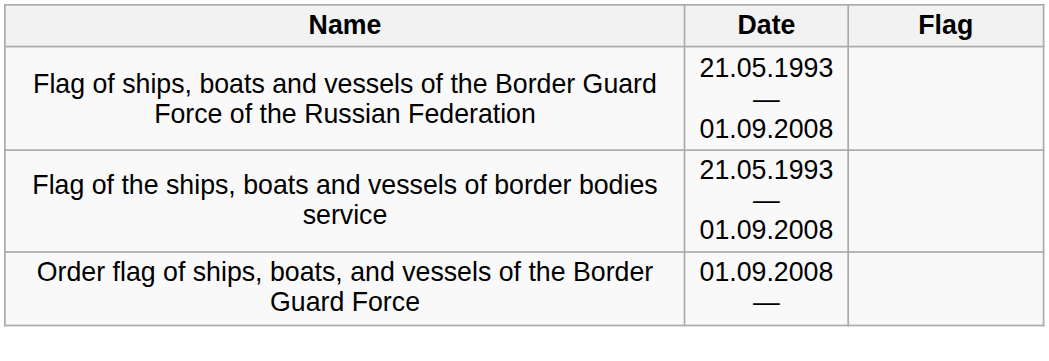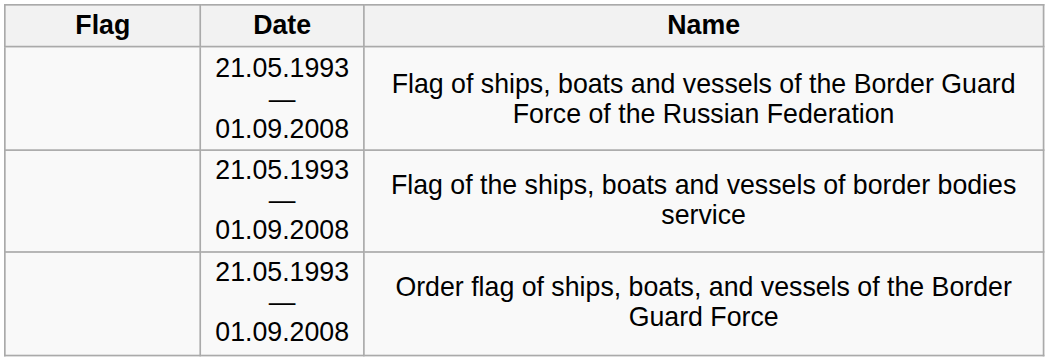 <table class="wikitable">
 <tr>
+<th width="110">Flag</th>
+<th width="90">Date</th>
 <th width="400">Name</th>
-<th width="90">Date</th>
-<th width="110">Flag</th>
 </tr>
 <tr style="text-align:center;">
+<td></td>
+<td>21.05.1993 — 01.09.2008</td>
 <td>Flag of ships, boats and vessels of the Border Guard Force of the Russian Federation</td>
-<td>21.05.1993 — 01.09.2008</td>
-<td></td>
 </tr>
 <tr style="text-align:center;">
+<td></td>
+<td>21.05.1993 — 01.09.2008</td>
 <td>Flag of the ships, boats and vessels of border bodies service</td>
-<td>21.05.1993 — 01.09.2008</td>
-<td></td>
 </tr>
 <tr style="text-align:center;">
+<td></td>
+<td>21.05.1993 — 01.09.2008</td>
 <td>Order flag of ships, boats, and vessels of the Border Guard Force</td>
-<td>01.09.2008 —</td>
-<td></td>
 </tr>
 </table>
